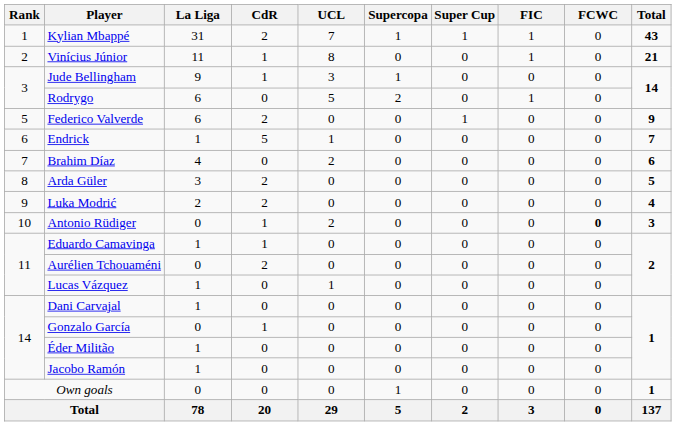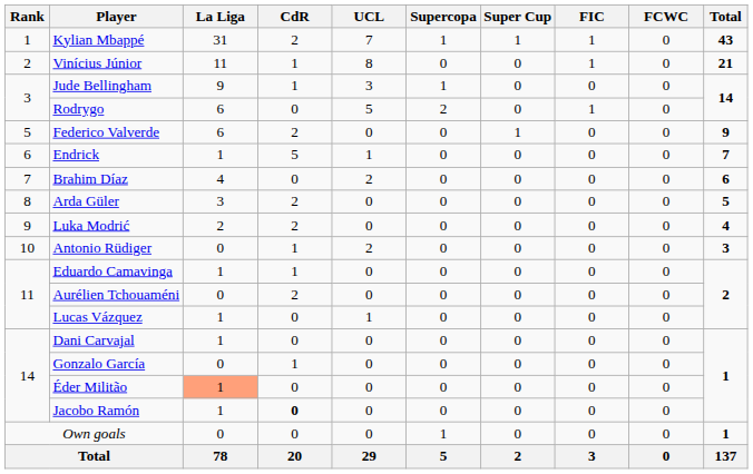 <table class="wikitable" style="text-align:center;">
 <tr>
 <th width=6%>Rank</th>
 <th>Player</th>
 <th width=10%>La Liga</th>
 <th width=10%><abbr>CdR</abbr></th>
 <th width=10%><abbr>UCL</abbr></th>
 <th width=10%>Supercopa</th>
 <th width=10%>Super Cup</th>
 <th width=10%><abbr>FIC</abbr></th>
 <th width=10%><abbr>FCWC</abbr></th>
 <th width=6%>Total</th>
 </tr>
 <tr>
 <td>1</td>
 <td align=left> <a href='#'>Kylian Mbappé</a></td>
 <td>31</td>
 <td>2</td>
 <td>7</td>
 <td>1</td>
 <td>1</td>
 <td>1</td>
 <td>0</td>
 <td><strong>43</strong></td>
 </tr>
 <tr>
 <td>2</td>
 <td align=left> <a href='#'>Vinícius Júnior</a></td>
 <td>11</td>
 <td>1</td>
 <td>8</td>
 <td>0</td>
 <td>0</td>
 <td>1</td>
 <td>0</td>
 <td><strong>21</strong></td>
 </tr>
 <tr>
 <td rowspan=2>3</td>
 <td align=left> <a href='#'>Jude Bellingham</a></td>
 <td>9</td>
 <td>1</td>
 <td>3</td>
 <td>1</td>
 <td>0</td>
 <td>0</td>
 <td>0</td>
 <td rowspan=2><strong>14</strong></td>
 </tr>
 <tr>
 <td align=left> <a href='#'>Rodrygo</a></td>
 <td>6</td>
 <td>0</td>
 <td>5</td>
 <td>2</td>
 <td>0</td>
 <td>1</td>
 <td>0</td>
 </tr>
 <tr>
 <td>5</td>
 <td align=left> <a href='#'>Federico Valverde</a></td>
 <td>6</td>
 <td>2</td>
 <td>0</td>
 <td>0</td>
 <td>1</td>
 <td>0</td>
 <td>0</td>
 <td><strong>9</strong></td>
 </tr>
 <tr>
 <td>6</td>
 <td align=left> <a href='#'>Endrick</a></td>
 <td>1</td>
 <td>5</td>
 <td>1</td>
 <td>0</td>
 <td>0</td>
 <td>0</td>
 <td>0</td>
 <td><strong>7</strong></td>
 </tr>
 <tr>
 <td>7</td>
 <td align=left> <a href='#'>Brahim Díaz</a></td>
 <td>4</td>
 <td>0</td>
 <td>2</td>
 <td>0</td>
 <td>0</td>
 <td>0</td>
 <td>0</td>
 <td><strong>6</strong></td>
 </tr>
 <tr>
 <td>8</td>
 <td align=left> <a href='#'>Arda Güler</a></td>
 <td>3</td>
 <td>2</td>
 <td>0</td>
 <td>0</td>
 <td>0</td>
 <td>0</td>
 <td>0</td>
 <td><strong>5</strong></td>
 </tr>
 <tr>
 <td>9</td>
 <td align=left> <a href='#'>Luka Modrić</a></td>
 <td>2</td>
 <td>2</td>
 <td>0</td>
 <td>0</td>
 <td>0</td>
 <td>0</td>
 <td>0</td>
 <td><strong>4</strong></td>
 </tr>
 <tr>
 <td>10</td>
 <td align=left> <a href='#'>Antonio Rüdiger</a></td>
 <td>0</td>
 <td>1</td>
 <td>2</td>
 <td>0</td>
 <td>0</td>
 <td>0</td>
-<td><strong>0</strong></td>
+<td>0</td>
 <td><strong>3</strong></td>
 </tr>
 <tr>
 <td rowspan=3>11</td>
 <td align=left> <a href='#'>Eduardo Camavinga</a></td>
 <td>1</td>
 <td>1</td>
 <td>0</td>
 <td>0</td>
 <td>0</td>
 <td>0</td>
 <td>0</td>
 <td rowspan=3><strong>2</strong></td>
 </tr>
 <tr>
 <td align=left> <a href='#'>Aurélien Tchouaméni</a></td>
 <td>0</td>
 <td>2</td>
 <td>0</td>
 <td>0</td>
 <td>0</td>
 <td>0</td>
 <td>0</td>
 </tr>
 <tr>
 <td align=left> <a href='#'>Lucas Vázquez</a></td>
 <td>1</td>
 <td>0</td>
 <td>1</td>
 <td>0</td>
 <td>0</td>
 <td>0</td>
 <td>0</td>
 </tr>
 <tr>
 <td rowspan=4>14</td>
 <td align=left> <a href='#'>Dani Carvajal</a></td>
 <td>1</td>
 <td>0</td>
 <td>0</td>
 <td>0</td>
 <td>0</td>
 <td>0</td>
 <td>0</td>
 <td rowspan=4><strong>1</strong></td>
 </tr>
 <tr>
 <td align=left> <a href='#'>Gonzalo García</a></td>
 <td>0</td>
 <td>1</td>
 <td>0</td>
 <td>0</td>
 <td>0</td>
 <td>0</td>
 <td>0</td>
 </tr>
 <tr>
 <td align=left> <a href='#'>Éder Militão</a></td>
-<td>1</td>
+<td style="background: lightsalmon;">1</td>
 <td>0</td>
 <td>0</td>
 <td>0</td>
 <td>0</td>
 <td>0</td>
 <td>0</td>
 </tr>
 <tr>
 <td align=left> <a href='#'>Jacobo Ramón</a></td>
 <td>1</td>
-<td>0</td>
+<td><strong>0</strong></td>
 <td>0</td>
 <td>0</td>
 <td>0</td>
 <td>0</td>
 <td>0</td>
 </tr>
 <tr>
 <td align=center colspan=2><em>Own goals</em></td>
 <td>0</td>
 <td>0</td>
 <td>0</td>
 <td>1</td>
 <td>0</td>
 <td>0</td>
 <td>0</td>
 <td><strong>1</strong></td>
 </tr>
 <tr>
 <th colspan=2>Total</th>
 <th>78</th>
 <th>20</th>
 <th>29</th>
 <th>5</th>
 <th>2</th>
 <th>3</th>
 <th>0</th>
 <th>137</th>
 </tr>
 </table>
